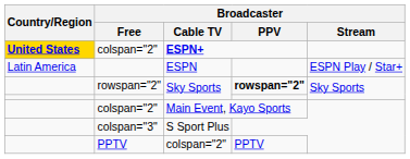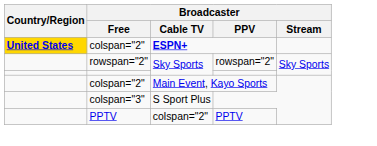 <table class="wikitable">
 <tr>
 <th rowspan="2">Country/Region</th>
 <th colspan="4">Broadcaster</th>
 </tr>
 <tr>
 <th>Free</th>
 <th>Cable TV</th>
 <th>PPV</th>
 <th>Stream</th>
 </tr>
 <tr>
 <td style="background: gold;"><strong> <a href='#'>United States</a></strong></td>
 <td>colspan="2" </td>
 <td colspan="2"><strong><a href='#'>ESPN+</a></strong></td>
 </tr>
 <tr>
-<td><a href='#'>Latin America</a></td>
-<td></td>
-<td><a href='#'>ESPN</a></td>
-<td></td>
-<td><a href='#'>ESPN Play</a> / <a href='#'>Star+</a></td>
-</tr>
-<tr>
 <td></td>
 <td>rowspan="2" </td>
 <td rowspan="2"><a href='#'>Sky Sports</a></td>
-<td><strong>rowspan="2" </strong></td>
+<td>rowspan="2" </td>
 <td rowspan="2"><a href='#'>Sky Sports</a></td>
 </tr>
 <tr>
 <td></td>
 </tr>
 <tr>
 <td></td>
 <td>colspan="2" </td>
 <td colspan="2"><a href='#'>Main Event</a>, <a href='#'>Kayo Sports</a></td>
 </tr>
 <tr>
 <td></td>
 <td>colspan="3" </td>
 <td>S Sport Plus</td>
 </tr>
 <tr>
 <td></td>
 <td><a href='#'>PPTV</a></td>
 <td>colspan="2" </td>
 <td><a href='#'>PPTV</a></td>
 </tr>
 </table>
